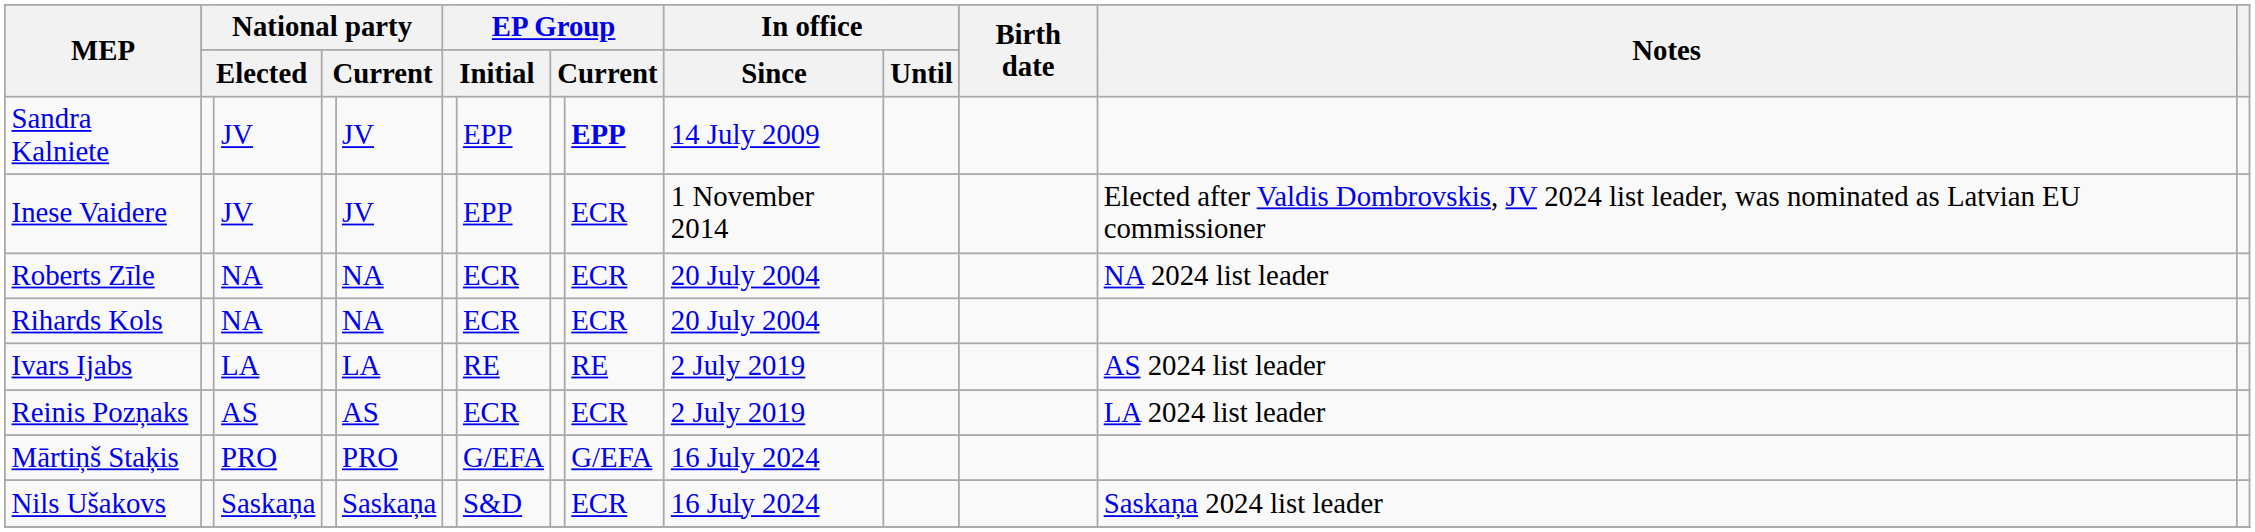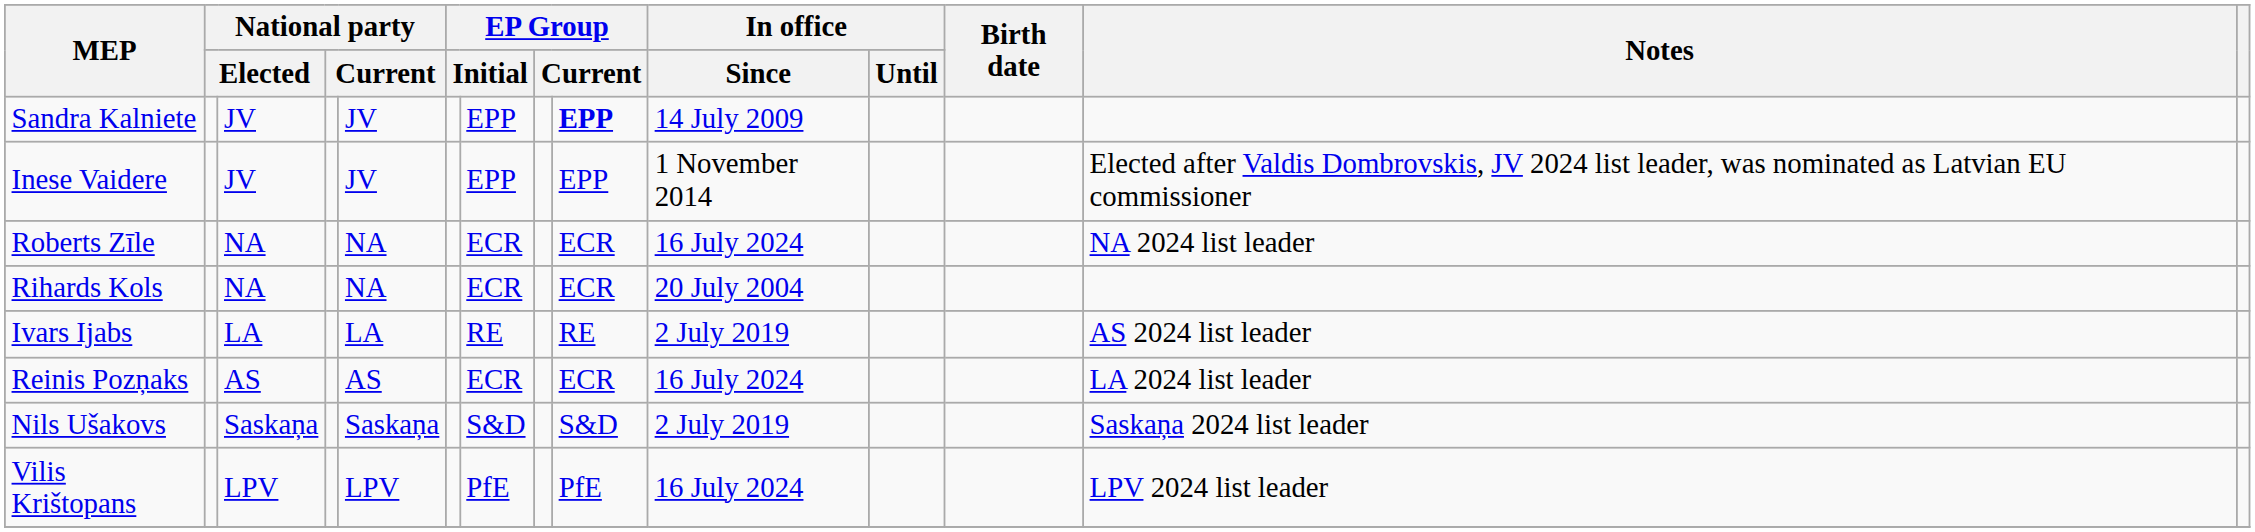 <table class="wikitable sortable" style="text-align:left">
 <tr>
 <th rowspan="2">MEP</th>
 <th colspan="4">National party</th>
 <th colspan="4"><a href='#'>EP Group</a></th>
 <th colspan="2">In office</th>
 <th rowspan="2">Birth date</th>
 <th rowspan="2">Notes</th>
 <th rowspan="2" class="unsortable"></th>
 </tr>
 <tr>
 <th colspan="2">Elected</th>
 <th colspan="2">Current</th>
 <th colspan="2">Initial</th>
 <th colspan="2">Current</th>
 <th>Since</th>
 <th>Until</th>
 </tr>
 <tr>
 <td><a href='#'>Sandra Kalniete</a></td>
 <td style="background: "></td>
 <td><a href='#'>JV</a></td>
 <td style="background: "></td>
 <td><a href='#'>JV</a></td>
 <td style="background: "></td>
 <td><a href='#'>EPP</a></td>
 <td style="background: "></td>
 <td><strong><a href='#'>EPP</a></strong></td>
 <td><a href='#'>14 July 2009</a></td>
 <td></td>
 <td></td>
 <td></td>
 <td></td>
 </tr>
 <tr>
 <td><a href='#'>Inese Vaidere</a></td>
 <td style="background: "></td>
 <td><a href='#'>JV</a></td>
 <td style="background: "></td>
 <td><a href='#'>JV</a></td>
 <td style="background: "></td>
 <td><a href='#'>EPP</a></td>
 <td style="background: "></td>
-<td><a href='#'>ECR</a></td>
+<td><a href='#'>EPP</a></td>
 <td>1 November 2014</td>
 <td></td>
 <td></td>
 <td>Elected after <a href='#'>Valdis Dombrovskis</a>, <a href='#'>JV</a> 2024 list leader, was nominated as Latvian EU commissioner</td>
 <td></td>
 </tr>
 <tr>
 <td><a href='#'>Roberts Zīle</a></td>
 <td style="background: "></td>
 <td><a href='#'>NA</a></td>
 <td style="background: "></td>
 <td><a href='#'>NA</a></td>
 <td style="background: "></td>
 <td><a href='#'>ECR</a></td>
 <td style="background: "></td>
 <td><a href='#'>ECR</a></td>
-<td><a href='#'>20 July 2004</a></td>
+<td><a href='#'>16 July 2024</a></td>
 <td></td>
 <td></td>
 <td><a href='#'>NA</a> 2024 list leader</td>
 <td></td>
 </tr>
 <tr>
 <td><a href='#'>Rihards Kols</a></td>
 <td style="background: "></td>
 <td><a href='#'>NA</a></td>
 <td style="background: "></td>
 <td><a href='#'>NA</a></td>
 <td style="background: "></td>
 <td><a href='#'>ECR</a></td>
 <td style="background: "></td>
 <td><a href='#'>ECR</a></td>
 <td><a href='#'>20 July 2004</a></td>
 <td></td>
 <td></td>
 <td></td>
 <td></td>
 </tr>
 <tr>
 <td><a href='#'>Ivars Ijabs</a></td>
 <td style="background: "></td>
 <td><a href='#'>LA</a></td>
 <td style="background: "></td>
 <td><a href='#'>LA</a></td>
 <td style="background: "></td>
 <td><a href='#'>RE</a></td>
 <td style="background: "></td>
 <td><a href='#'>RE</a></td>
 <td><a href='#'>2 July 2019</a></td>
 <td></td>
 <td></td>
 <td><a href='#'>AS</a> 2024 list leader</td>
 <td></td>
 </tr>
 <tr>
 <td><a href='#'>Reinis Pozņaks</a></td>
 <td style="background: "></td>
 <td><a href='#'>AS</a></td>
 <td style="background: "></td>
 <td><a href='#'>AS</a></td>
 <td style="background: "></td>
 <td><a href='#'>ECR</a></td>
 <td style="background: "></td>
 <td><a href='#'>ECR</a></td>
-<td><a href='#'>2 July 2019</a></td>
+<td><a href='#'>16 July 2024</a></td>
 <td></td>
 <td></td>
 <td><a href='#'>LA</a> 2024 list leader</td>
-<td></td>
-</tr>
-<tr>
-<td><a href='#'>Mārtiņš Staķis</a></td>
-<td style="background: "></td>
-<td><a href='#'>PRO</a></td>
-<td style="background: "></td>
-<td><a href='#'>PRO</a></td>
-<td style="background: "></td>
-<td><a href='#'>G/EFA</a></td>
-<td style="background: "></td>
-<td><a href='#'>G/EFA</a></td>
-<td><a href='#'>16 July 2024</a></td>
-<td></td>
-<td></td>
-<td></td>
 <td></td>
 </tr>
 <tr>
 <td><a href='#'>Nils Ušakovs</a></td>
 <td style="background: "></td>
 <td><a href='#'>Saskaņa</a></td>
 <td style="background: "></td>
 <td><a href='#'>Saskaņa</a></td>
 <td style="background: "></td>
 <td><a href='#'>S&D</a></td>
 <td style="background: "></td>
-<td><a href='#'>ECR</a></td>
-<td><a href='#'>16 July 2024</a></td>
+<td><a href='#'>S&D</a></td>
+<td><a href='#'>2 July 2019</a></td>
 <td></td>
 <td></td>
 <td><a href='#'>Saskaņa</a> 2024 list leader</td>
 <td></td>
 </tr>
 <tr>
+<td><a href='#'>Vilis Krištopans</a></td>
+<td style="background: "></td>
+<td><a href='#'>LPV</a></td>
+<td style="background: "></td>
+<td><a href='#'>LPV</a></td>
+<td style="background: "></td>
+<td><a href='#'>PfE</a></td>
+<td style="background: "></td>
+<td><a href='#'>PfE</a></td>
+<td><a href='#'>16 July 2024</a></td>
+<td></td>
+<td></td>
+<td><a href='#'>LPV</a> 2024 list leader</td>
+<td></td>
+</tr>
+<tr>
 </tr>
 </table>
